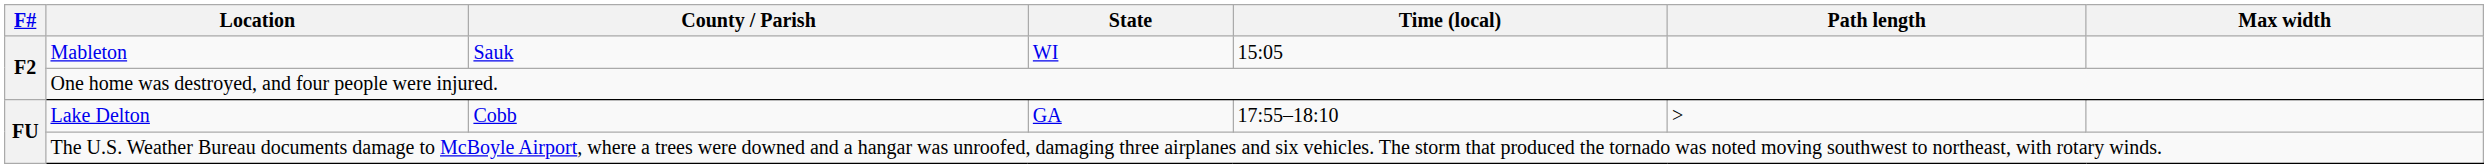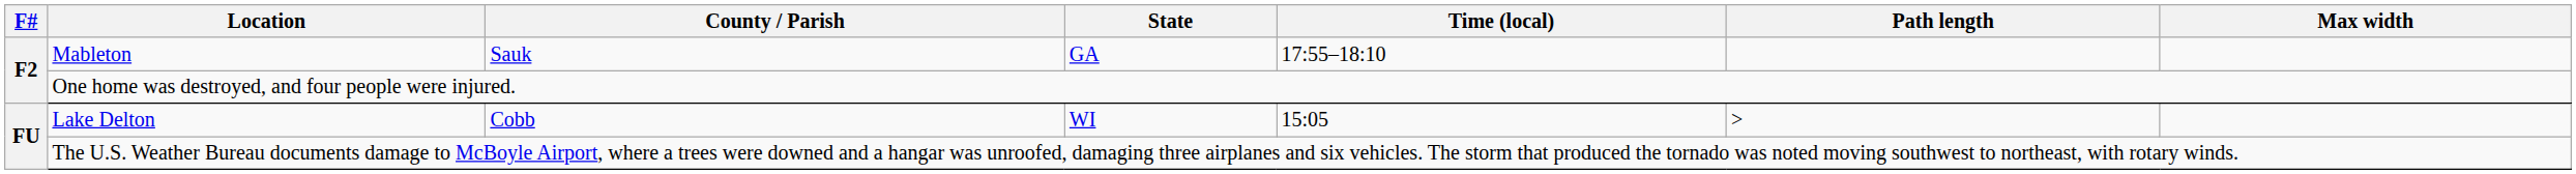 <table class="wikitable sortable" style="width:100%;">
 <tr>
 <th scope="col" align="center"><a href='#'>F#</a><br></th>
 <th scope="col" align="center" class="unsortable">Location</th>
 <th scope="col" align="center" class="unsortable">County / Parish</th>
 <th scope="col" align="center">State</th>
 <th scope="col" align="center">Time (local)</th>
 <th scope="col" align="center">Path length</th>
 <th scope="col" align="center">Max width</th>
 </tr>
 <tr>
 <th scope="row" rowspan="2" style="background-color:#">F2</th>
 <td><a href='#'>Mableton</a></td>
 <td><a href='#'>Sauk</a></td>
-<td><a href='#'>WI</a></td>
-<td>15:05</td>
+<td><a href='#'>GA</a></td>
+<td>17:55–18:10</td>
 <td></td>
 <td></td>
 </tr>
 <tr class="expand-child">
 <td colspan="6" style="border-bottom: 1px solid black;">One home was destroyed, and four people were injured.</td>
 </tr>
 <tr>
 <th scope="row" rowspan="2" style="background-color:#">FU</th>
 <td><a href='#'>Lake Delton</a></td>
 <td><a href='#'>Cobb</a></td>
-<td><a href='#'>GA</a></td>
-<td>17:55–18:10</td>
+<td><a href='#'>WI</a></td>
+<td>15:05</td>
 <td>></td>
 <td></td>
 </tr>
 <tr class="expand-child">
 <td colspan="6" style="border-bottom: 1px solid black;">The U.S. Weather Bureau documents damage to <a href='#'>McBoyle Airport</a>, where a trees were downed and a hangar was unroofed, damaging three airplanes and six vehicles. The storm that produced the tornado was noted moving southwest to northeast, with rotary winds.</td>
 </tr>
 </table>
